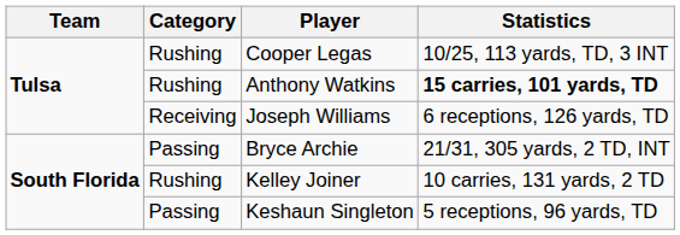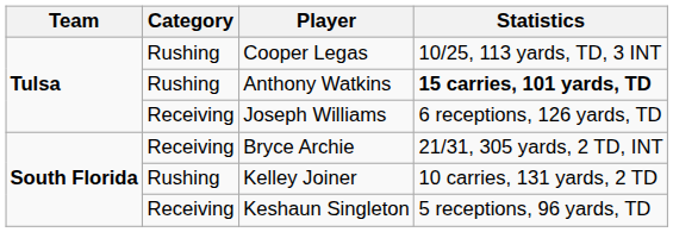 <table class="wikitable" style="float: right;">
 <tr>
 <th>Team</th>
 <th>Category</th>
 <th>Player</th>
 <th>Statistics</th>
 </tr>
 <tr>
 <td rowspan=3><strong>Tulsa</strong></td>
 <td>Rushing</td>
 <td>Cooper Legas</td>
 <td>10/25, 113 yards, TD, 3 INT</td>
 </tr>
 <tr>
 <td>Rushing</td>
 <td>Anthony Watkins</td>
 <td><strong>15 carries, 101 yards, TD</strong></td>
 </tr>
 <tr>
 <td>Receiving</td>
 <td>Joseph Williams</td>
 <td>6 receptions, 126 yards, TD</td>
 </tr>
 <tr>
 <td rowspan=3><strong>South Florida</strong></td>
-<td>Passing</td>
+<td>Receiving</td>
 <td>Bryce Archie</td>
 <td>21/31, 305 yards, 2 TD, INT</td>
 </tr>
 <tr>
 <td>Rushing</td>
 <td>Kelley Joiner</td>
 <td>10 carries, 131 yards, 2 TD</td>
 </tr>
 <tr>
-<td>Passing</td>
+<td>Receiving</td>
 <td>Keshaun Singleton</td>
 <td>5 receptions, 96 yards, TD</td>
 </tr>
 </table>
